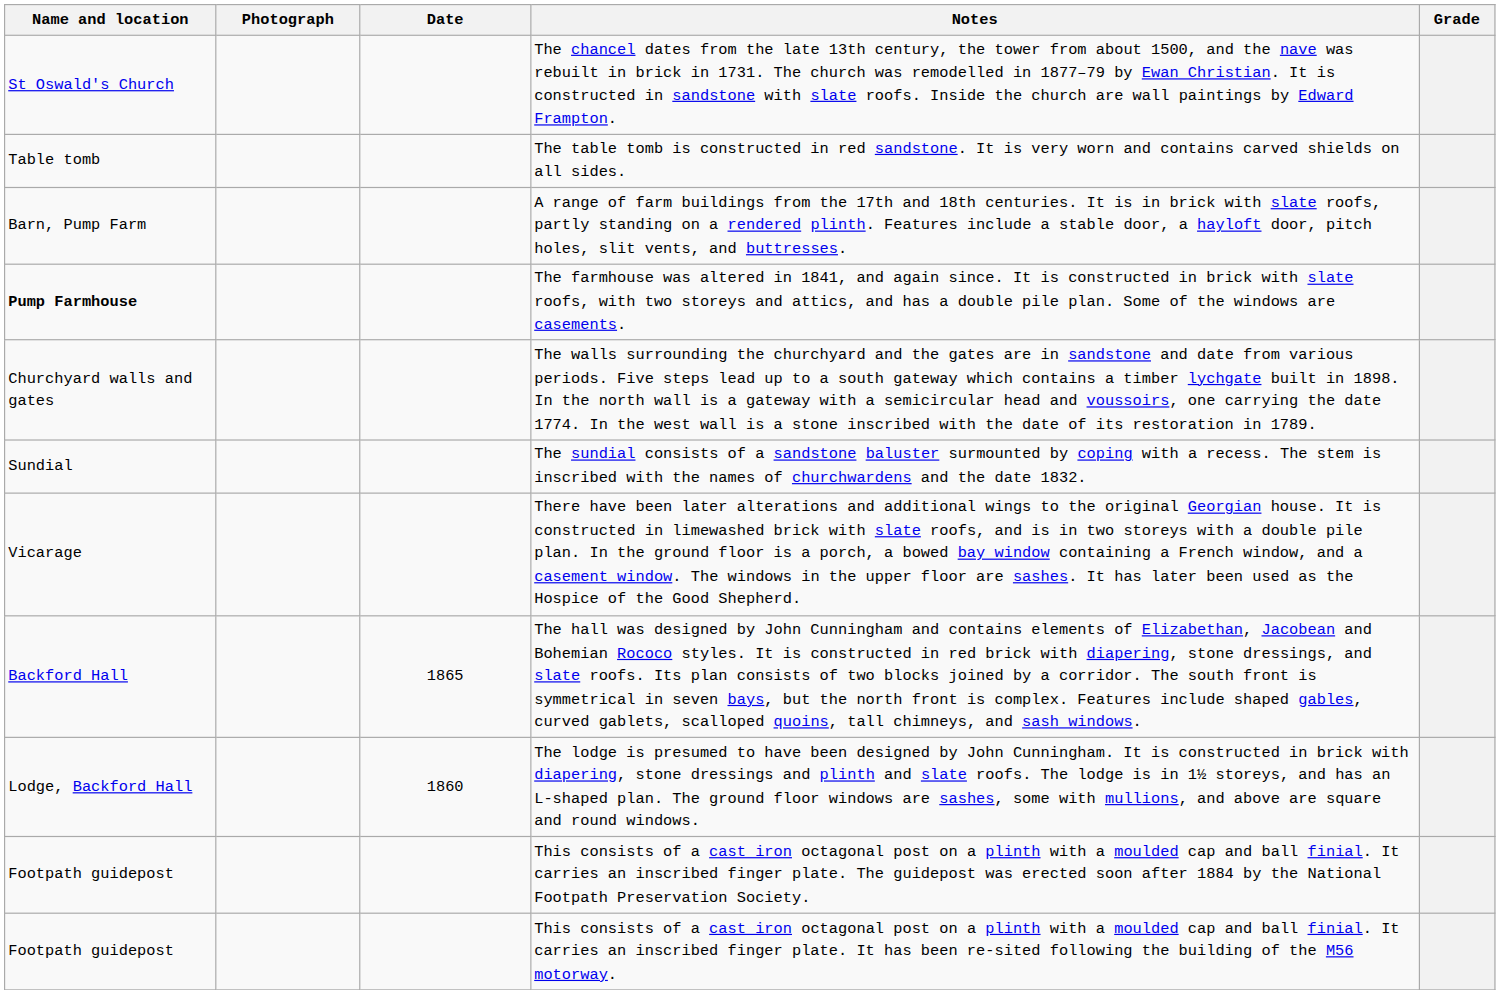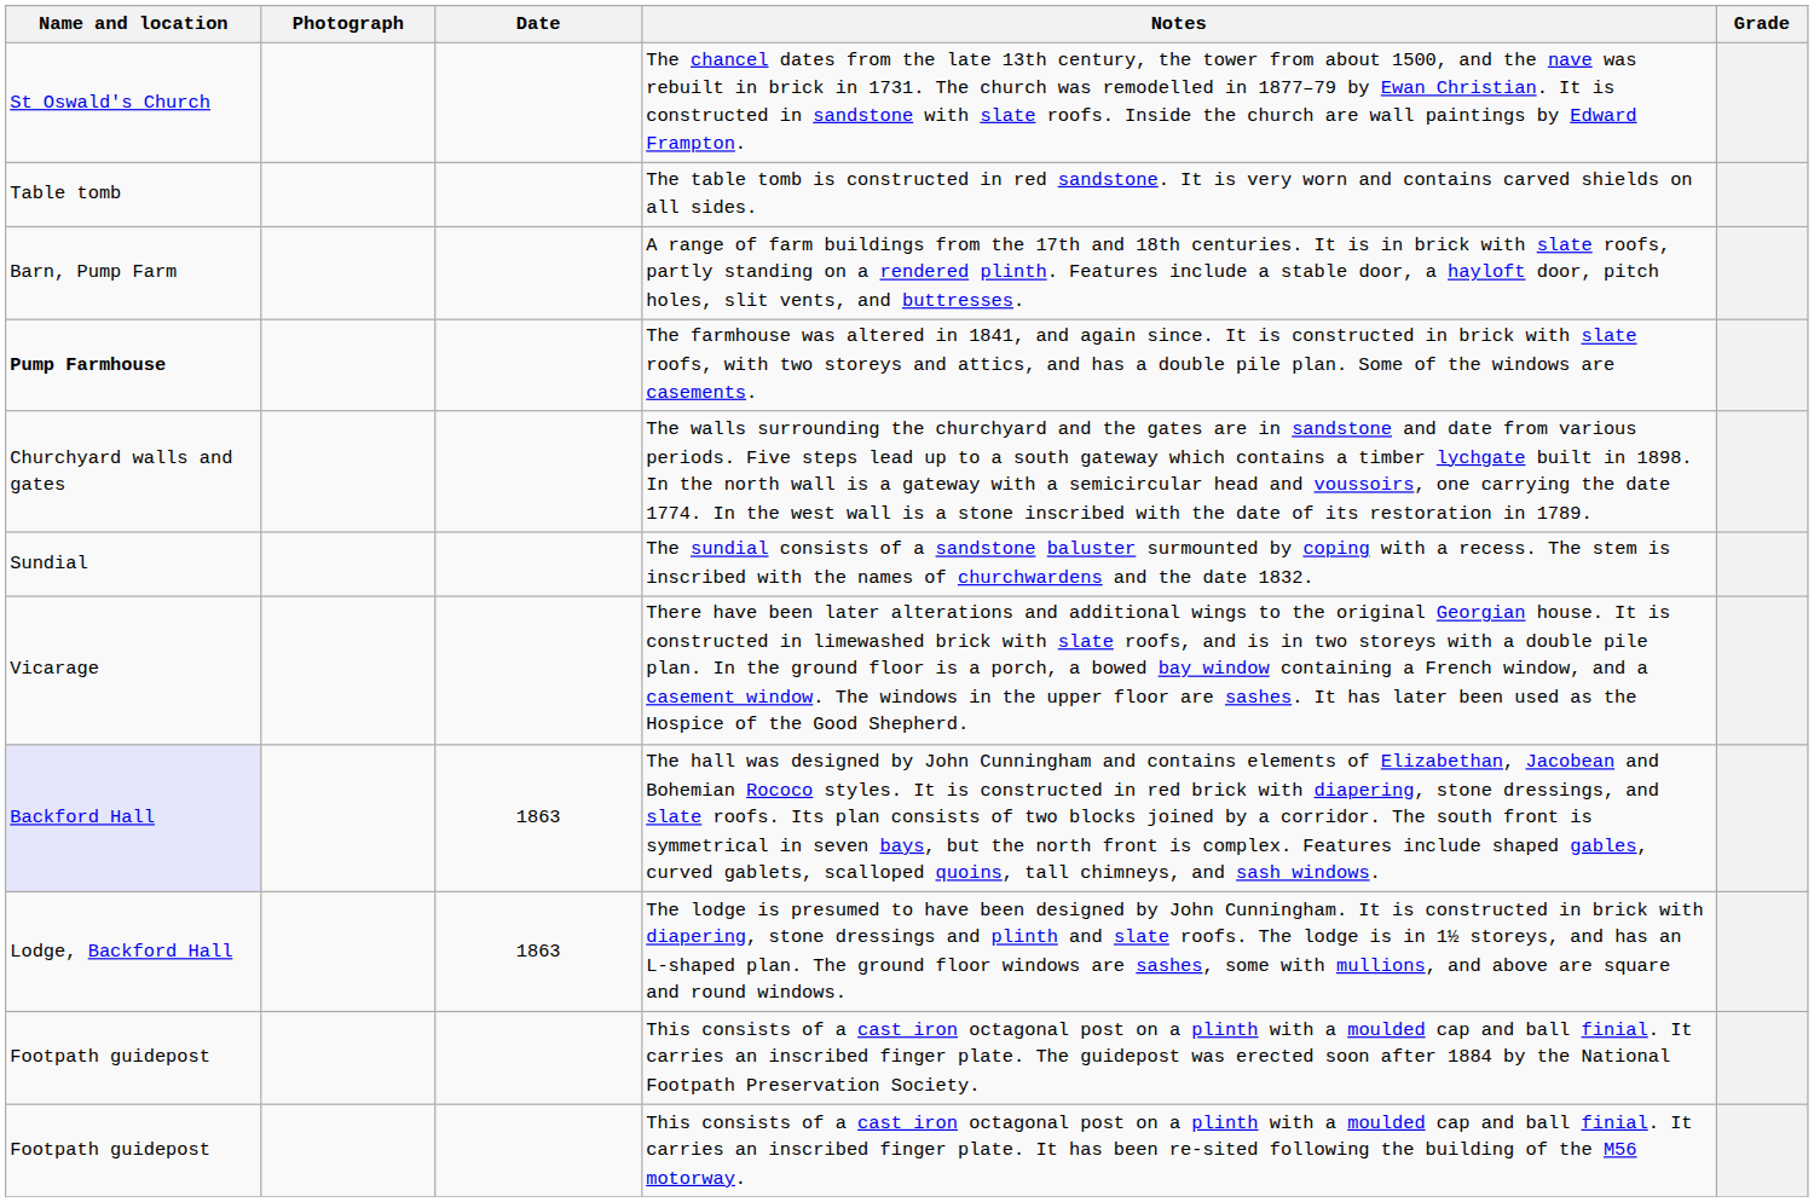 <table class="wikitable sortable plainrowheaders" style="width:100%;border:0px;text-align:left;line-height:150%;">
 <tr>
 <th scope="col"  style="width:150px">Name and location</th>
 <th scope="col"  style="width:100px" class="unsortable">Photograph</th>
 <th scope="col"  style="width:120px">Date</th>
 <th scope="col"  style="width:650px" class="unsortable">Notes</th>
 <th scope="col"  style="width:50px">Grade</th>
 </tr>
 <tr>
 <td><a href='#'>St Oswald's Church</a><br><small></small></td>
 <td></td>
 <td align="center"></td>
 <td>The <a href='#'>chancel</a> dates from the late 13th century, the tower from about 1500, and the <a href='#'>nave</a> was rebuilt in brick in 1731.  The church was remodelled in 1877–79 by <a href='#'>Ewan Christian</a>.  It is constructed in <a href='#'>sandstone</a> with <a href='#'>slate</a> roofs.  Inside the church are wall paintings by <a href='#'>Edward Frampton</a>.</td>
 <th></th>
 </tr>
 <tr>
 <td>Table tomb<br><small></small></td>
 <td></td>
 <td align="center"></td>
 <td>The table tomb is constructed in red <a href='#'>sandstone</a>.  It is very worn and contains carved shields on all sides.</td>
 <th></th>
 </tr>
 <tr>
 <td>Barn, Pump Farm<br><small></small></td>
 <td></td>
 <td align="center"></td>
 <td>A range of farm buildings from the 17th and 18th centuries.  It is in brick with <a href='#'>slate</a> roofs, partly standing on a <a href='#'>rendered</a> <a href='#'>plinth</a>.  Features include a stable door, a <a href='#'>hayloft</a> door, pitch holes, slit vents, and <a href='#'>buttresses</a>.</td>
 <th></th>
 </tr>
 <tr>
 <td><strong>Pump Farmhouse<br><small></small></strong></td>
 <td></td>
 <td align="center"></td>
 <td>The farmhouse was altered in 1841, and again since.  It is constructed in brick with <a href='#'>slate</a> roofs, with two storeys and attics, and has a double pile plan.  Some of the windows are <a href='#'>casements</a>.</td>
 <th></th>
 </tr>
 <tr>
 <td>Churchyard walls and gates<br><small></small></td>
 <td></td>
 <td align="center"></td>
 <td>The walls surrounding the churchyard and the gates are in <a href='#'>sandstone</a> and date from various periods.  Five steps lead up to a south gateway which contains a timber <a href='#'>lychgate</a> built in 1898.  In the north wall is a gateway with a semicircular head and <a href='#'>voussoirs</a>, one carrying the date 1774.  In the west wall is a stone inscribed with the date of its restoration in 1789.</td>
 <th></th>
 </tr>
 <tr>
 <td>Sundial<br><small></small></td>
 <td></td>
 <td align="center"></td>
 <td>The <a href='#'>sundial</a> consists of a <a href='#'>sandstone</a> <a href='#'>baluster</a> surmounted by <a href='#'>coping</a> with a recess.  The stem is inscribed with the names of <a href='#'>churchwardens</a> and the date 1832.</td>
 <th></th>
 </tr>
 <tr>
 <td>Vicarage<br><small></small></td>
 <td></td>
 <td align="center"></td>
 <td>There have been later alterations and additional wings to the original <a href='#'>Georgian</a> house.  It is constructed in limewashed brick with <a href='#'>slate</a> roofs, and is in two storeys with a double pile plan.  In the ground floor is a porch, a bowed <a href='#'>bay window</a> containing a French window, and a <a href='#'>casement window</a>.  The windows in the upper floor are <a href='#'>sashes</a>.  It has later been used as the Hospice of the Good Shepherd.</td>
 <th></th>
 </tr>
 <tr>
-<td><a href='#'>Backford Hall</a><br><small></small></td>
+<td style="background: lavender;"><a href='#'>Backford Hall</a><br><small></small></td>
 <td></td>
-<td align="center">1865</td>
+<td align="center">1863</td>
 <td>The hall was designed by John Cunningham and contains elements of <a href='#'>Elizabethan</a>, <a href='#'>Jacobean</a> and Bohemian <a href='#'>Rococo</a> styles.  It is constructed in red brick with <a href='#'>diapering</a>, stone dressings, and <a href='#'>slate</a> roofs.  Its plan consists of two blocks joined by a corridor.  The south front is symmetrical in seven <a href='#'>bays</a>, but the north front is complex.  Features include shaped <a href='#'>gables</a>, curved gablets, scalloped <a href='#'>quoins</a>, tall chimneys, and <a href='#'>sash windows</a>.</td>
 <th></th>
 </tr>
 <tr>
 <td>Lodge, <a href='#'>Backford Hall</a><br><small></small></td>
 <td></td>
-<td align="center">1860</td>
+<td align="center">1863</td>
 <td>The lodge is presumed to have been designed by John Cunningham.  It is constructed in brick with <a href='#'>diapering</a>, stone dressings and <a href='#'>plinth</a> and <a href='#'>slate</a> roofs.  The lodge is in 1½ storeys, and has an L-shaped plan.  The ground floor windows are <a href='#'>sashes</a>, some with <a href='#'>mullions</a>, and above are square and round windows.</td>
 <th></th>
 </tr>
 <tr>
 <td>Footpath guidepost<br><small></small></td>
 <td></td>
 <td align="center"></td>
 <td>This consists of a <a href='#'>cast iron</a> octagonal post on a <a href='#'>plinth</a> with a <a href='#'>moulded</a> cap and ball <a href='#'>finial</a>.  It carries an inscribed finger plate.  The guidepost was erected soon after 1884 by the National Footpath Preservation Society.</td>
 <th></th>
 </tr>
 <tr>
 <td>Footpath guidepost<br><small></small></td>
 <td></td>
 <td align="center"></td>
 <td>This consists of a <a href='#'>cast iron</a> octagonal post on a <a href='#'>plinth</a> with a <a href='#'>moulded</a> cap and ball <a href='#'>finial</a>.  It carries an inscribed finger plate.  It has been re-sited following the building of the <a href='#'>M56 motorway</a>.</td>
 <th></th>
 </tr>
 <tr>
 </tr>
 </table>
